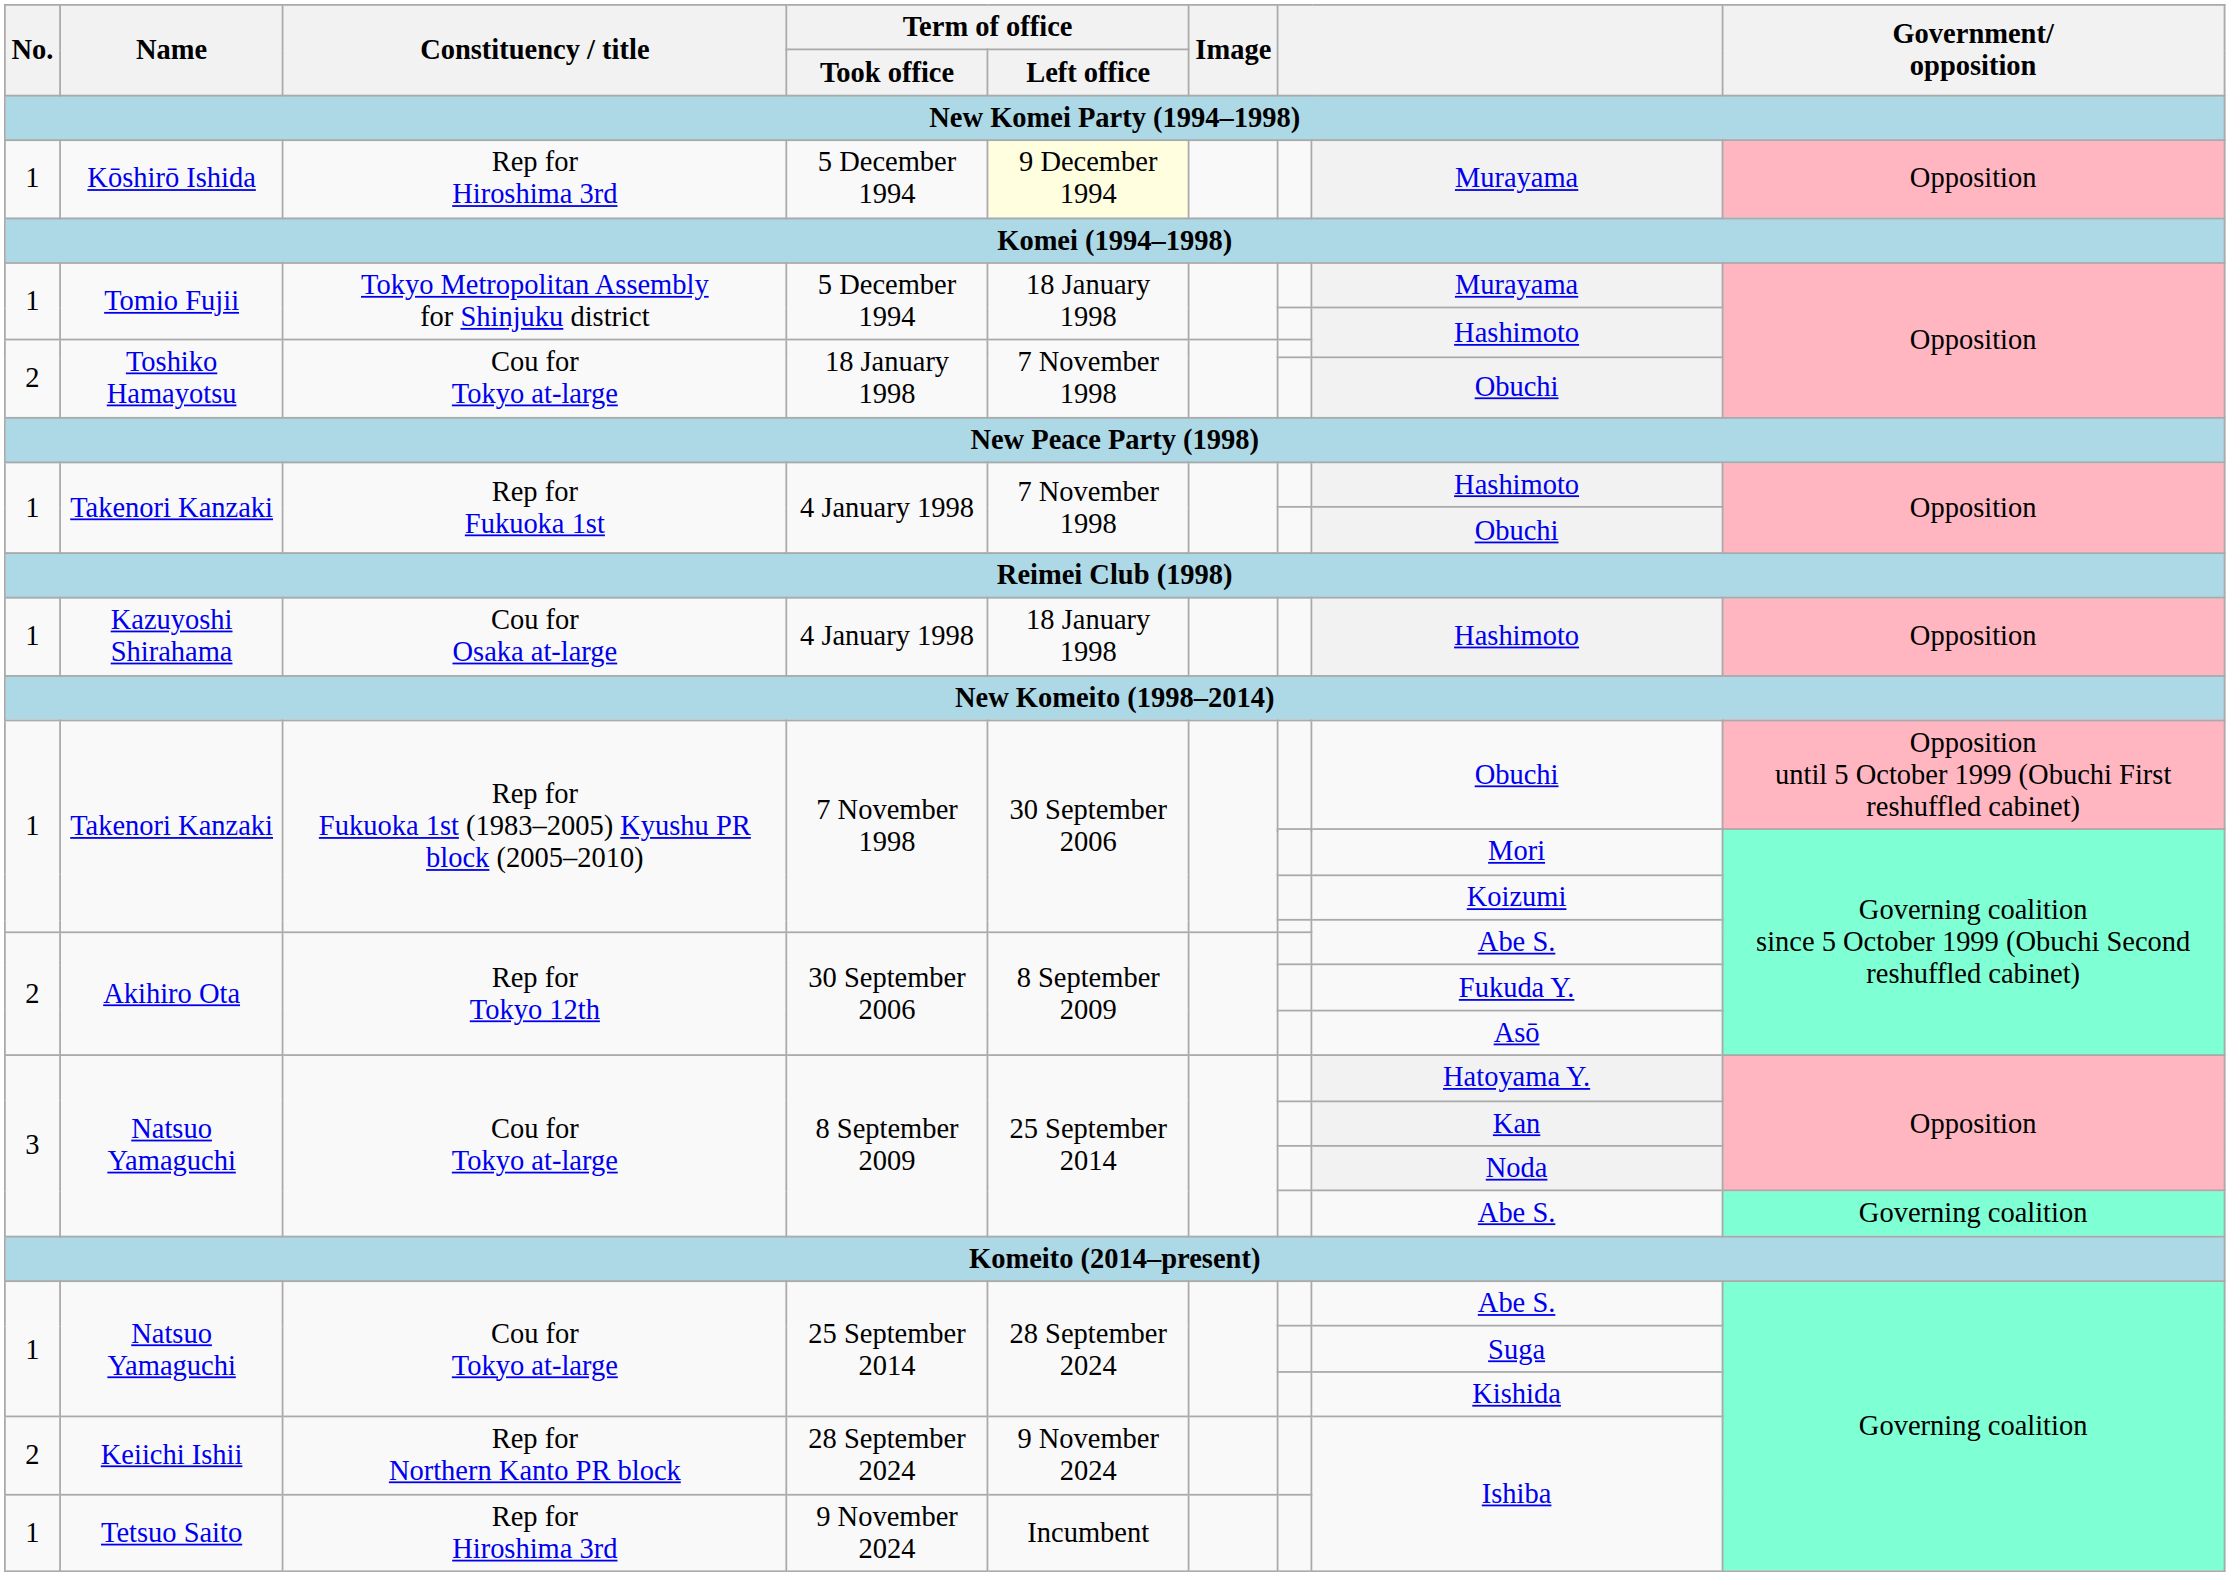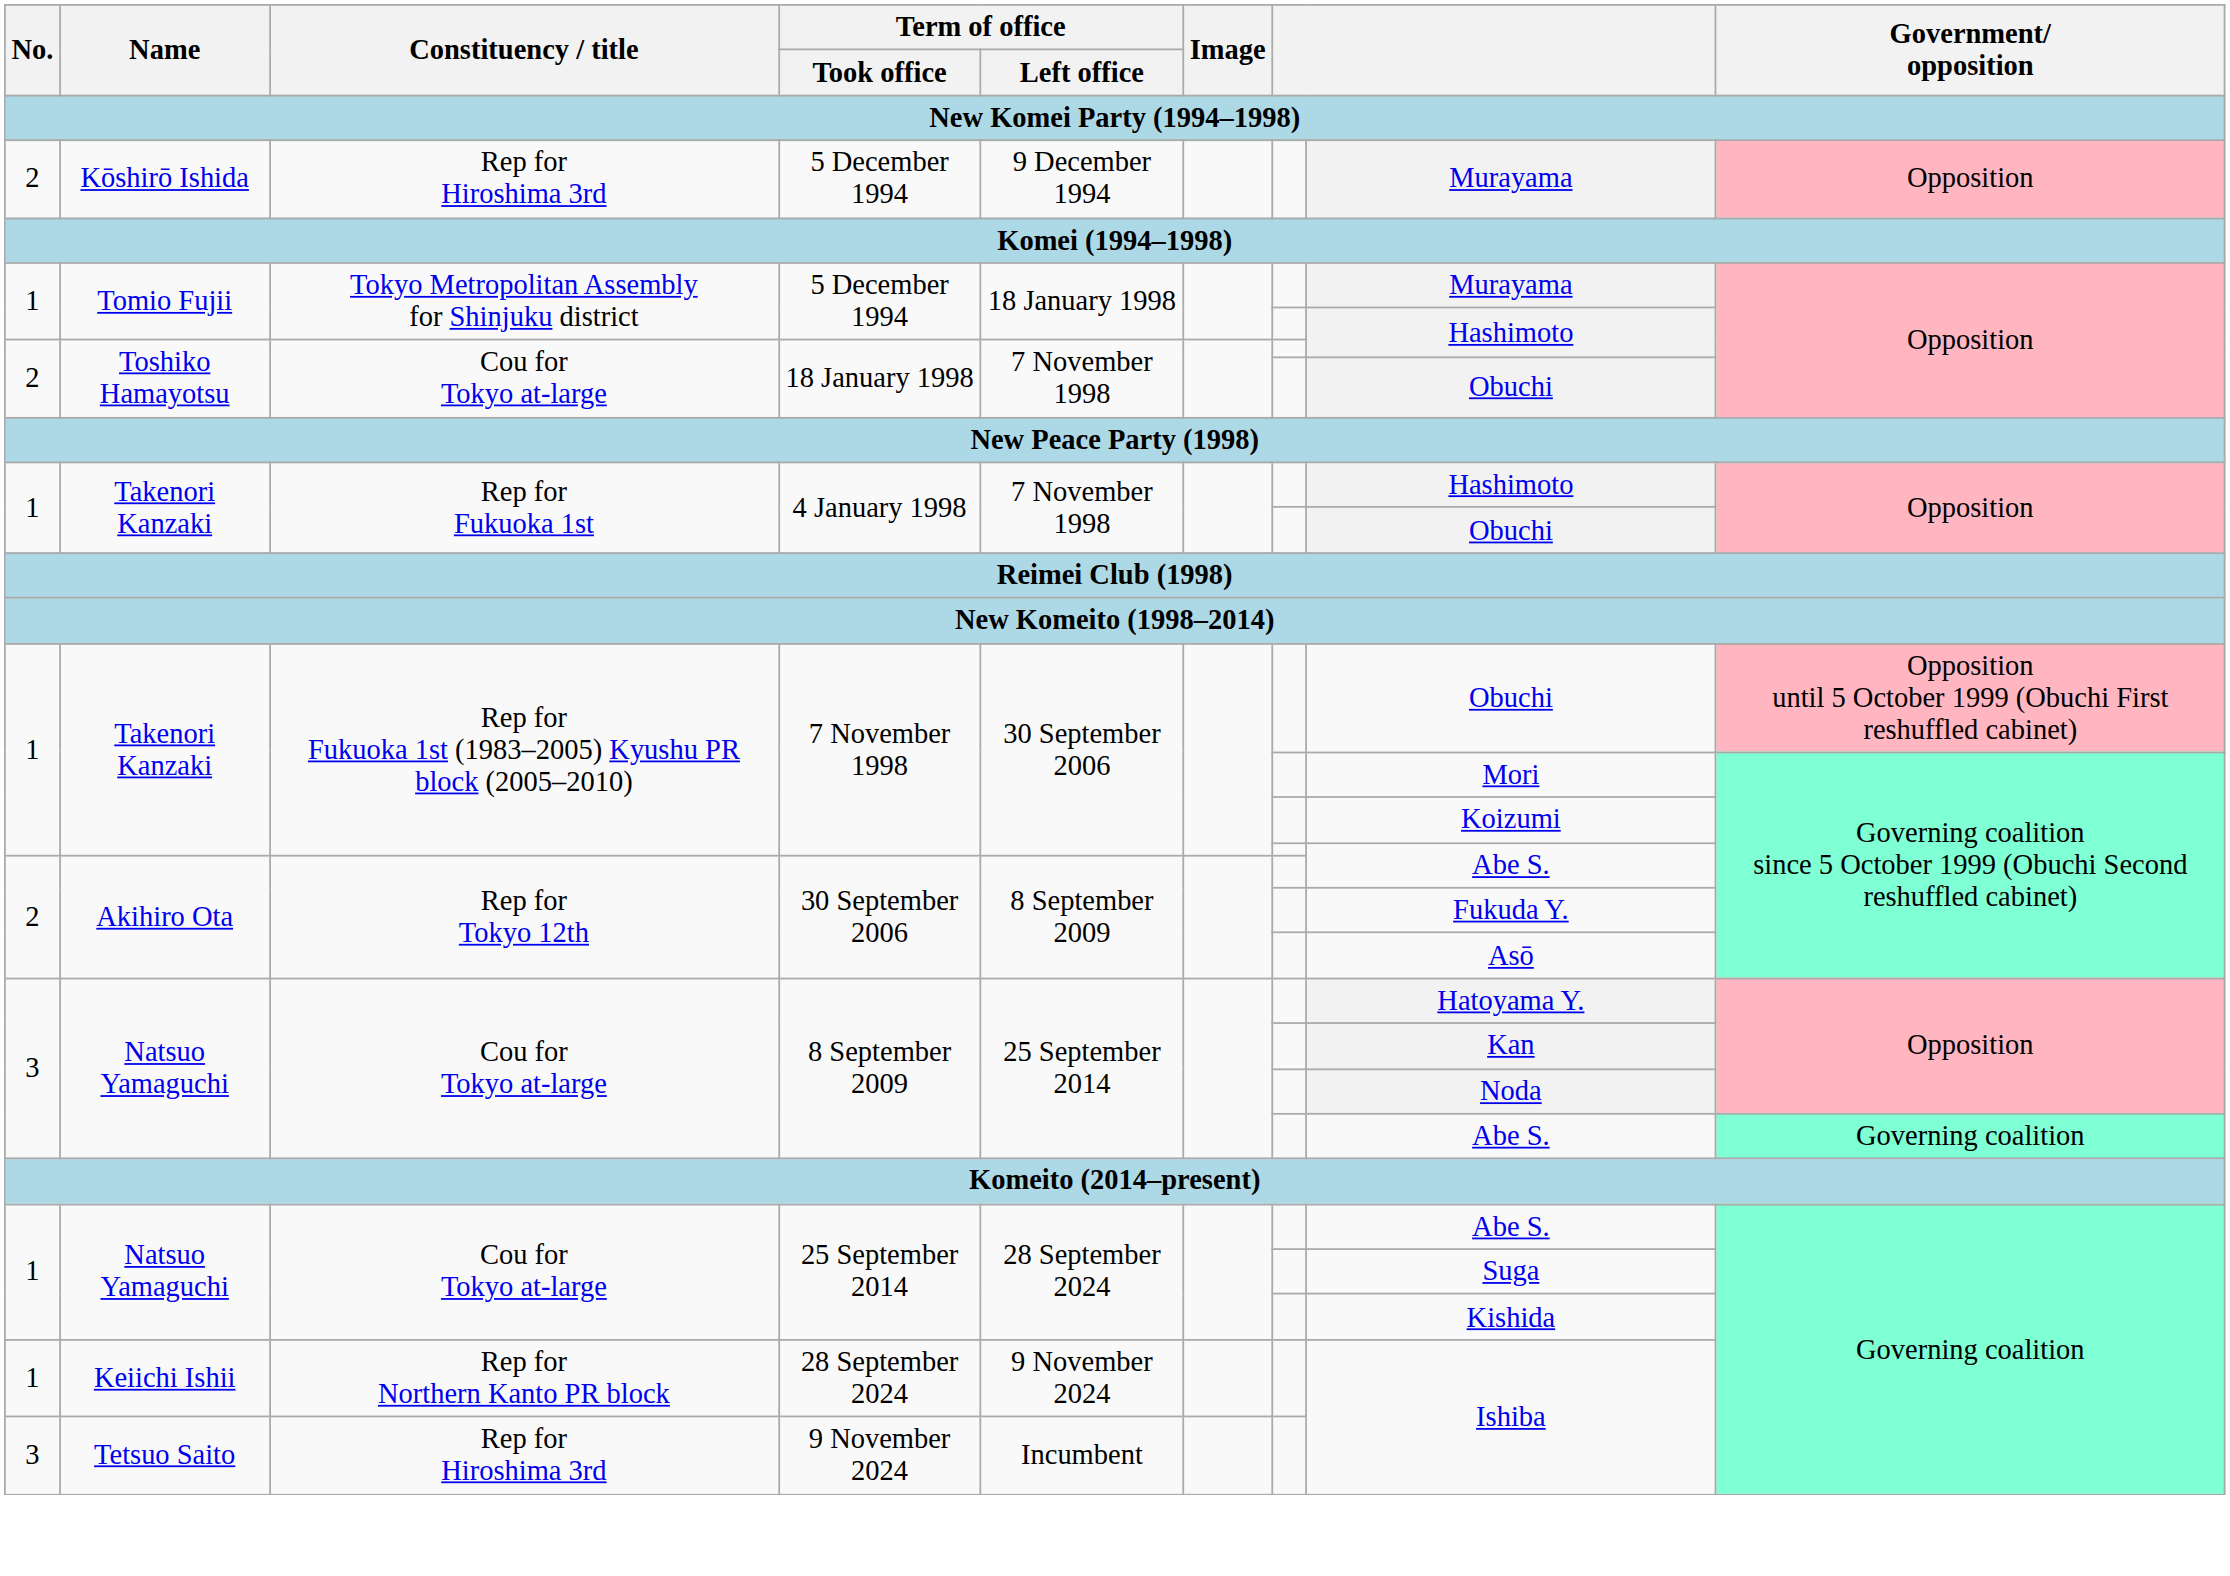 <table class="wikitable" style="text-align:center">
 <tr>
 <th rowspan="2">No.</th>
 <th rowspan="2">Name<br></th>
 <th rowspan="2">Constituency / title</th>
 <th colspan="2">Term of office</th>
 <th rowspan="2">Image</th>
 <th colspan="2" rowspan="2" style="width:20%;"><a href='#'></a> </th>
 <th rowspan="2">Government/<br>opposition</th>
 </tr>
 <tr>
 <th>Took office</th>
 <th>Left office</th>
 </tr>
 <tr>
 <td colspan="9" bgcolor="lightblue"><strong>New Komei Party (1994–1998)</strong></td>
 </tr>
 <tr>
-<td>1</td>
+<td>2</td>
 <td><a href='#'>Kōshirō Ishida</a><br></td>
 <td>Rep for<br><a href='#'>Hiroshima 3rd</a></td>
 <td>5 December 1994</td>
-<td style="background: lightyellow;">9 December 1994</td>
+<td>9 December 1994</td>
 <td></td>
 <td style="background-color: "></td>
 <th style="font-weight:normal"><a href='#'>Murayama</a> <small></small></th>
 <td style="background-color:#FFB6C1">Opposition</td>
 </tr>
 <tr>
 <td colspan="9" bgcolor="lightblue"><strong>Komei (1994–1998)</strong></td>
 </tr>
 <tr>
 <td rowspan="2">1</td>
 <td rowspan="2"><a href='#'>Tomio Fujii</a><br></td>
 <td rowspan="2"><a href='#'>Tokyo Metropolitan Assembly</a><br>for <a href='#'>Shinjuku</a> district</td>
 <td rowspan="2">5 December 1994</td>
 <td rowspan="2">18 January 1998</td>
 <td rowspan="2"></td>
 <td style="background-color: "></td>
 <th style="font-weight:normal"><a href='#'>Murayama</a> <small></small></th>
 <td rowspan="4" style="background-color:#FFB6C1">Opposition</td>
 </tr>
 <tr>
 <td style="background-color: "></td>
 <th rowspan="2" style="font-weight:normal"><a href='#'>Hashimoto</a> <small></small></th>
 </tr>
 <tr>
 <td rowspan="2">2</td>
 <td rowspan="2"><a href='#'>Toshiko Hamayotsu</a><br></td>
 <td rowspan="2">Cou for<br><a href='#'>Tokyo at-large</a></td>
 <td rowspan="2">18 January 1998</td>
 <td rowspan="2">7 November 1998</td>
 <td rowspan="2"></td>
 <td style="background-color: "></td>
 </tr>
 <tr>
 <td style="background-color: "></td>
 <th style="font-weight:normal"><a href='#'>Obuchi</a> <small></small></th>
 </tr>
 <tr>
 <td colspan="9" bgcolor="lightblue"><strong>New Peace Party (1998)</strong></td>
 </tr>
 <tr>
 <td rowspan="2">1</td>
 <td rowspan="2"><a href='#'>Takenori Kanzaki</a><br></td>
 <td rowspan="2">Rep for<br><a href='#'>Fukuoka 1st</a></td>
 <td rowspan="2">4 January 1998</td>
 <td rowspan="2">7 November 1998</td>
 <td rowspan="2"></td>
 <td style="background-color: "></td>
 <th style="font-weight:normal"><a href='#'>Hashimoto</a> <small></small></th>
 <td rowspan="2" style="background-color:#FFB6C1">Opposition</td>
 </tr>
 <tr>
 <td style="background-color: "></td>
 <th style="font-weight:normal"><a href='#'>Obuchi</a> <small></small></th>
 </tr>
 <tr>
 <td colspan="9" bgcolor="lightblue"><strong>Reimei Club (1998)</strong></td>
-</tr>
-<tr>
-<td>1</td>
-<td><a href='#'>Kazuyoshi Shirahama</a><br></td>
-<td>Cou for<br><a href='#'>Osaka at-large</a></td>
-<td>4 January 1998</td>
-<td>18 January 1998</td>
-<td></td>
-<td style="background-color: "></td>
-<th style="font-weight:normal"><a href='#'>Hashimoto</a> <small></small></th>
-<td style="background-color:#FFB6C1">Opposition</td>
 </tr>
 <tr>
 <td colspan="9" bgcolor="lightblue"><strong>New Komeito (1998–2014)</strong></td>
 </tr>
 <tr>
 <td rowspan="5">1</td>
 <td rowspan="5"><a href='#'>Takenori Kanzaki</a><br></td>
 <td rowspan="5">Rep for<br><a href='#'>Fukuoka 1st</a> (1983–2005) <a href='#'>Kyushu PR block</a> (2005–2010)</td>
 <td rowspan="5">7 November 1998</td>
 <td rowspan="5">30 September 2006</td>
 <td rowspan="5"></td>
 <td rowspan="2" style="background-color: "></td>
 <td rowspan="2" style="font-weight:normal"><a href='#'>Obuchi</a> <small></small></td>
 <td style="background-color:#FFB6C1">Opposition<br>until 5 October 1999 (Obuchi First reshuffled cabinet)</td>
 </tr>
 <tr>
 <td rowspan="7" style="background-color:#7FFFD4">Governing coalition<br>since 5 October 1999 (Obuchi Second reshuffled cabinet)</td>
 </tr>
 <tr>
 <td style="background-color: "></td>
 <td style="font-weight:normal"><a href='#'>Mori</a> <small></small></td>
 </tr>
 <tr>
 <td style="background-color: "></td>
 <td style="font-weight:normal"><a href='#'>Koizumi</a> <small></small></td>
 </tr>
 <tr>
 <td style="background-color: "></td>
 <td rowspan="2" style="font-weight:normal"><a href='#'>Abe S.</a> <small></small></td>
 </tr>
 <tr>
 <td rowspan="3">2</td>
 <td rowspan="3"><a href='#'>Akihiro Ota</a><br></td>
 <td rowspan="3">Rep for<br><a href='#'>Tokyo 12th</a></td>
 <td rowspan="3">30 September 2006</td>
 <td rowspan="3">8 September 2009</td>
 <td rowspan="3"></td>
 <td style="background-color: "></td>
 </tr>
 <tr>
 <td style="background-color: "></td>
 <td style="font-weight:normal"><a href='#'>Fukuda Y.</a> <small></small></td>
 </tr>
 <tr>
 <td style="background-color: "></td>
 <td style="font-weight:normal"><a href='#'>Asō</a> <small></small></td>
 </tr>
 <tr>
 <td rowspan="4">3</td>
 <td rowspan="4"><a href='#'>Natsuo Yamaguchi</a><br></td>
 <td rowspan="4">Cou for<br><a href='#'>Tokyo at-large</a></td>
 <td rowspan="4">8 September 2009</td>
 <td rowspan="4">25 September 2014</td>
 <td rowspan="4"></td>
 <td style="background-color: "></td>
 <th style="font-weight:normal"><a href='#'>Hatoyama Y.</a> </th>
 <td rowspan="3" style="background-color:#FFB6C1">Opposition</td>
 </tr>
 <tr>
 <td style="background-color: "></td>
 <th style="font-weight:normal"><a href='#'>Kan</a> </th>
 </tr>
 <tr>
 <td style="background-color: "></td>
 <th style="font-weight:normal"><a href='#'>Noda</a> </th>
 </tr>
 <tr>
 <td style="background-color: "></td>
 <td style="font-weight:normal"><a href='#'>Abe S.</a> <small></small></td>
 <td style="background-color:#7FFFD4">Governing coalition</td>
 </tr>
 <tr>
 <td colspan="9" bgcolor="lightblue"><strong>Komeito (2014–present)</strong></td>
 </tr>
 <tr>
 <td rowspan="3">1</td>
 <td rowspan="3"><a href='#'>Natsuo Yamaguchi</a><br></td>
 <td rowspan="3">Cou for<br><a href='#'>Tokyo at-large</a></td>
 <td rowspan="3">25 September 2014</td>
 <td rowspan="3">28 September 2024</td>
 <td rowspan="3"></td>
 <td style="background-color: "></td>
 <td style="font-weight:normal"><a href='#'>Abe S.</a> <small></small></td>
 <td rowspan="5" style="background-color:#7FFFD4">Governing coalition</td>
 </tr>
 <tr>
 <td style="background-color: "></td>
 <td style="font-weight:normal"><a href='#'>Suga</a> <small></small></td>
 </tr>
 <tr>
 <td style="background-color: "></td>
 <td style="font-weight:normal"><a href='#'>Kishida</a> <small></small></td>
 </tr>
 <tr>
-<td>2</td>
+<td>1</td>
 <td><a href='#'>Keiichi Ishii</a><br></td>
 <td>Rep for<br><a href='#'>Northern Kanto PR block</a></td>
 <td>28 September 2024</td>
 <td>9 November 2024</td>
 <td></td>
 <td style="background-color: "></td>
 <td rowspan="2" style="font-weight:normal"><a href='#'>Ishiba</a> <small></small></td>
 </tr>
 <tr>
-<td>1</td>
+<td>3</td>
 <td><a href='#'>Tetsuo Saito</a><br></td>
 <td>Rep for<br><a href='#'>Hiroshima 3rd</a></td>
 <td>9 November 2024</td>
 <td>Incumbent</td>
 <td></td>
 <td style="background-color: "></td>
 </tr>
 </table>
